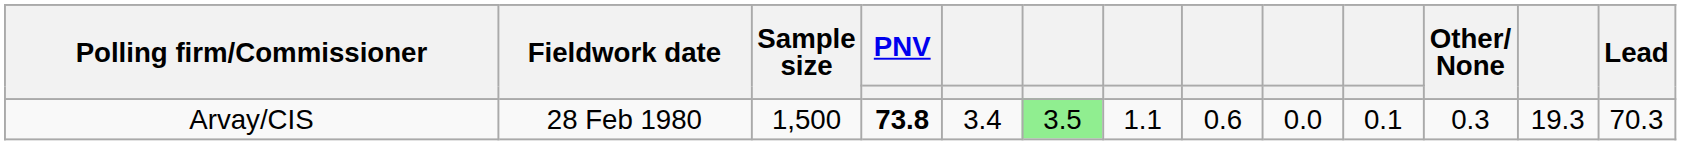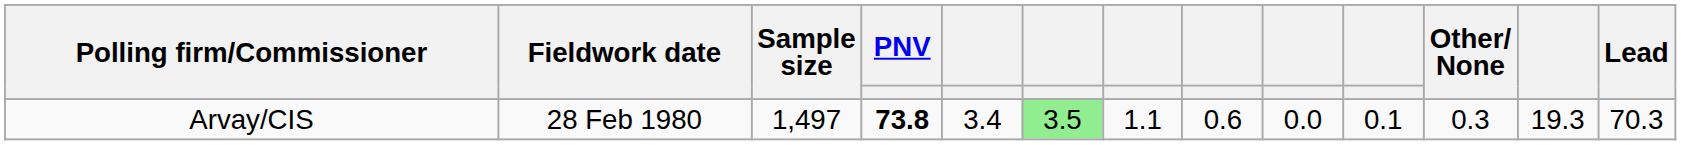 <table class="wikitable collapsible collapsed" style="text-align:center; font-size:90%; line-height:14px;">
 <tr style="height:42px;">
 <th style="width:250px;" rowspan="2">Polling firm/Commissioner</th>
 <th style="width:125px;" rowspan="2">Fieldwork date</th>
 <th style="width:50px;" rowspan="2">Sample size</th>
 <th style="width:35px;"><a href='#'>PNV</a></th>
 <th style="width:35px;"></th>
 <th style="width:35px;"></th>
 <th style="width:35px;"></th>
 <th style="width:35px;"></th>
 <th style="width:35px;"></th>
 <th style="width:35px;"></th>
 <th style="width:35px;" rowspan="2">Other/<br>None</th>
 <th style="width:35px;" rowspan="2"></th>
 <th style="width:30px;" rowspan="2">Lead</th>
 </tr>
 <tr>
 <th style="color:inherit;background:"></th>
 <th style="color:inherit;background:"></th>
 <th style="color:inherit;background:"></th>
 <th style="color:inherit;background:"></th>
 <th style="color:inherit;background:"></th>
 <th style="color:inherit;background:"></th>
 <th style="color:inherit;background:"></th>
 </tr>
 <tr>
 <td>Arvay/CIS</td>
 <td>28 Feb 1980</td>
-<td>1,500</td>
+<td>1,497</td>
 <td><strong>73.8</strong></td>
 <td>3.4</td>
 <td style="background: lightgreen;">3.5</td>
 <td>1.1</td>
 <td>0.6</td>
 <td>0.0</td>
 <td>0.1</td>
 <td>0.3</td>
 <td>19.3</td>
 <td style="background:">70.3</td>
 </tr>
 </table>
